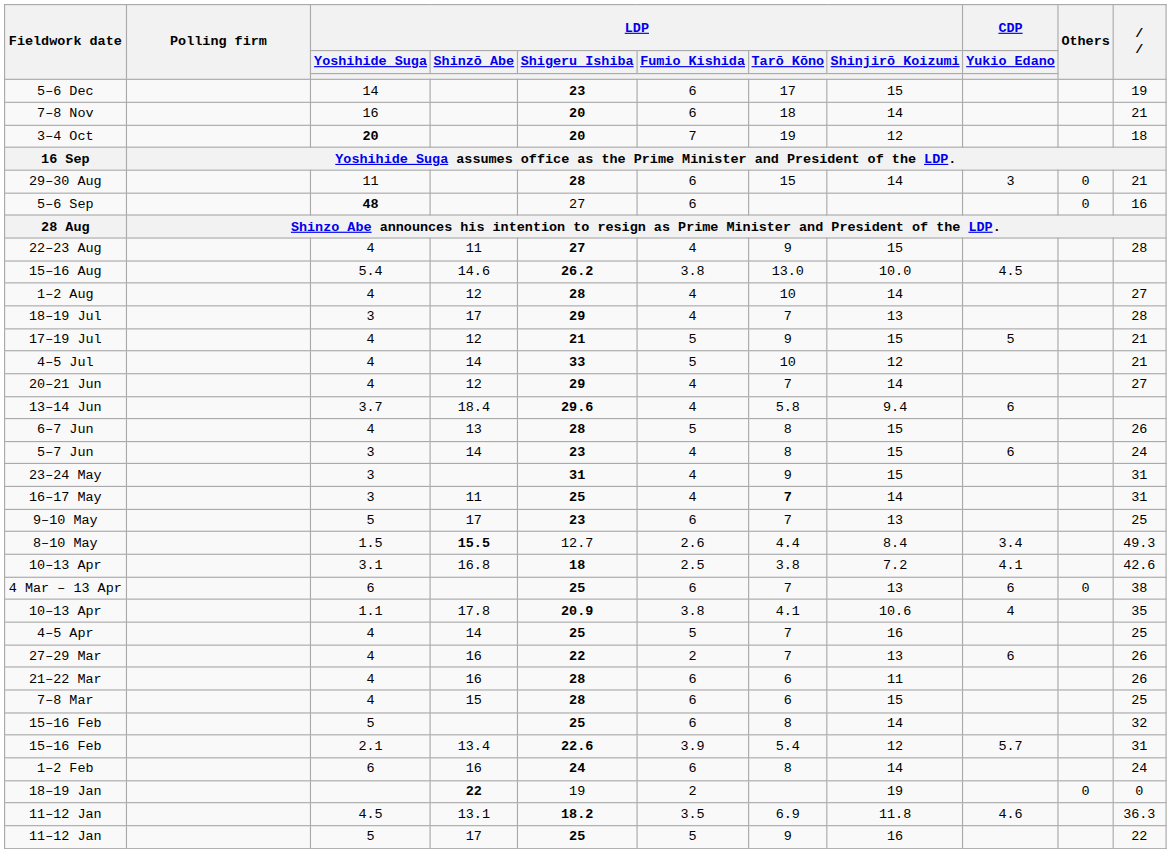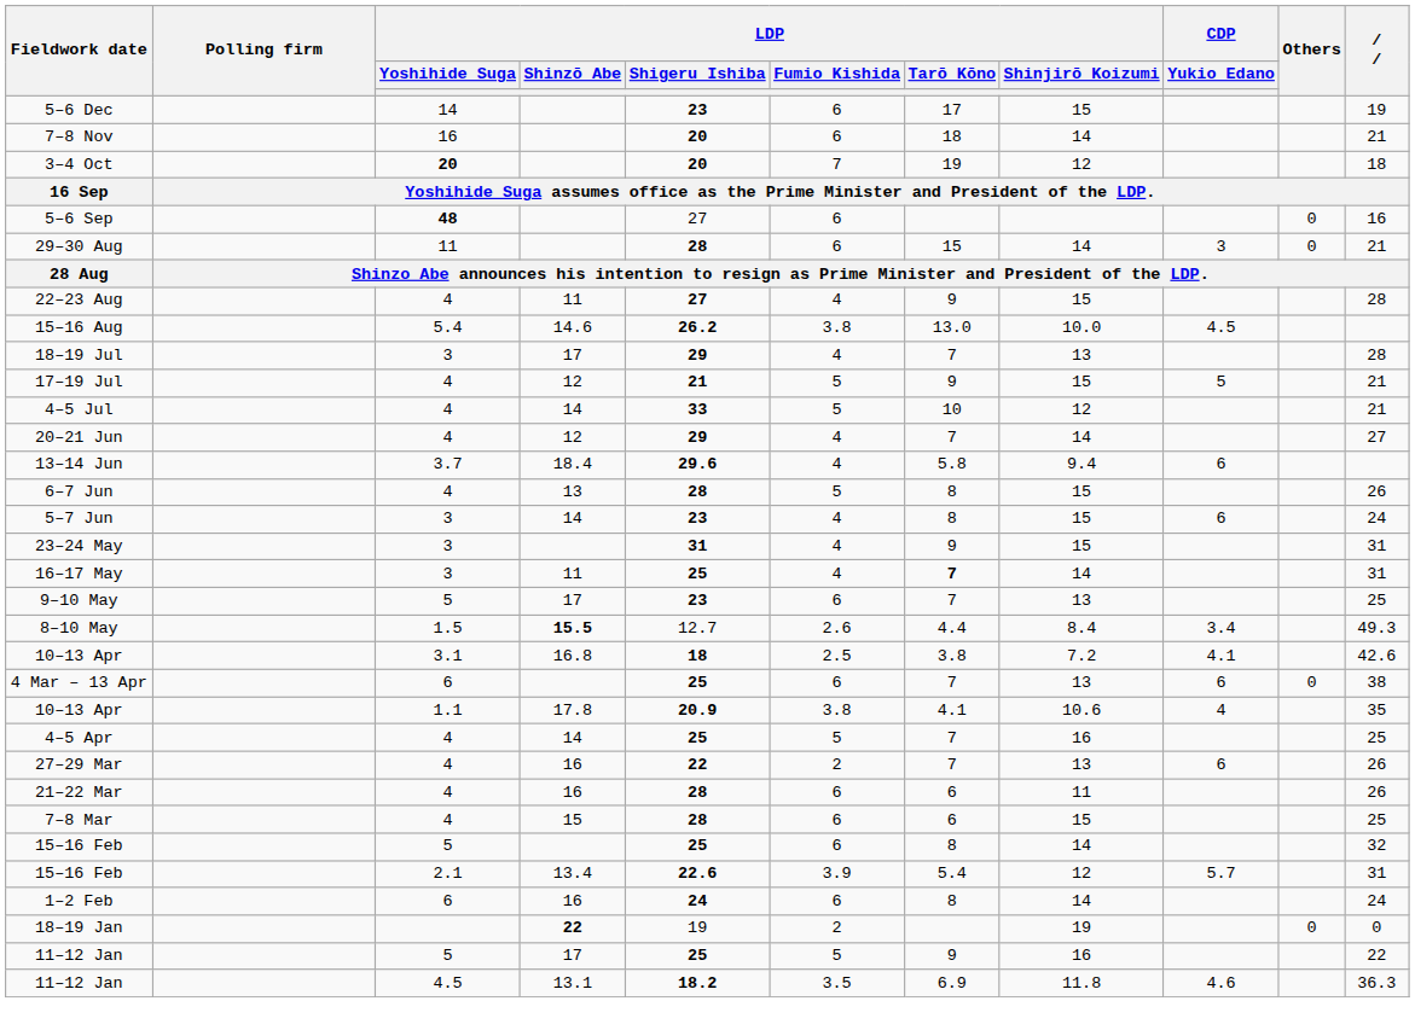 <table class="wikitable mw-datatable sortable mw-collapsible mw-collapsed" style="text-align:center;font-size:90%;line-height:14px;">
 <tr style="height:40px;">
 <th class="unsortable" rowspan="3" width=100px>Fieldwork date</th>
 <th class="unsortable" rowspan="3" width=155px>Polling firm</th>
 <th colspan="6" class="unsortable"><a href='#'>LDP</a></th>
 <th class="unsortable"><a href='#'>CDP</a></th>
 <th rowspan="3" class="unsortable" width="40px">Others </th>
 <th rowspan="3" class="unsortable" width="40px">/<br>/</th>
 </tr>
 <tr>
 <th class="unsortable" "style=width:40px;"><a href='#'>Yoshihide Suga</a></th>
 <th class="unsortable" "style=width:40px;"><a href='#'>Shinzō Abe</a></th>
 <th class="unsortable" "style=width:40px;"><a href='#'>Shigeru Ishiba</a></th>
 <th class="unsortable" "style=width:40px;"><a href='#'>Fumio Kishida</a></th>
 <th class="unsortable" "style=width:40px;"><a href='#'>Tarō Kōno</a></th>
 <th class="unsortable" "style=width:40px;"><a href='#'>Shinjirō Koizumi</a></th>
 <th class="unsortable" "style=width:40px;"><a href='#'>Yukio Edano</a></th>
 </tr>
 <tr>
 <th colspan="6" style="background: "></th>
 <th style="background: "></th>
 </tr>
 <tr>
 <td data-sort-value="2020-12-06">5–6 Dec</td>
 <td></td>
 <td>14</td>
 <td></td>
 <td><strong>23</strong></td>
 <td>6</td>
 <td>17</td>
 <td>15</td>
 <td></td>
 <td></td>
 <td>19</td>
 </tr>
 <tr>
 <td data-sort-value="2020-11-08">7–8 Nov</td>
 <td></td>
 <td>16</td>
 <td></td>
 <td><strong>20</strong></td>
 <td>6</td>
 <td>18</td>
 <td>14</td>
 <td></td>
 <td></td>
 <td>21</td>
 </tr>
 <tr>
 <td data-sort-value="2020-10-04">3–4 Oct</td>
 <td></td>
 <td><strong>20</strong></td>
 <td></td>
 <td><strong>20</strong></td>
 <td>7</td>
 <td>19</td>
 <td>12</td>
 <td></td>
 <td></td>
 <td>18</td>
 </tr>
 <tr>
 <th>16 Sep</th>
 <th colspan="10"><a href='#'>Yoshihide Suga</a> assumes office as the Prime Minister and President of the <a href='#'>LDP</a>.</th>
 </tr>
 <tr>
+<td data-sort-value="2020-09-06">5–6 Sep</td>
+<td></td>
+<td><strong>48</strong></td>
+<td></td>
+<td>27</td>
+<td>6</td>
+<td></td>
+<td></td>
+<td></td>
+<td>0</td>
+<td>16</td>
+</tr>
+<tr>
 <td data-sort-value="2020-08-30">29–30 Aug</td>
 <td></td>
 <td>11</td>
 <td></td>
 <td><strong>28</strong></td>
 <td>6</td>
 <td>15</td>
 <td>14</td>
 <td>3</td>
 <td>0</td>
 <td>21</td>
-</tr>
-<tr>
-<td data-sort-value="2020-09-06">5–6 Sep</td>
-<td></td>
-<td><strong>48</strong></td>
-<td></td>
-<td>27</td>
-<td>6</td>
-<td></td>
-<td></td>
-<td></td>
-<td>0</td>
-<td>16</td>
 </tr>
 <tr>
 <th>28 Aug</th>
 <th colspan="10"><a href='#'>Shinzo Abe</a> announces his intention to resign as Prime Minister and President of the <a href='#'>LDP</a>.</th>
 </tr>
 <tr>
 <td data-sort-value="2020-08-23">22–23 Aug</td>
 <td></td>
 <td>4</td>
 <td>11</td>
 <td><strong>27</strong></td>
 <td>4</td>
 <td>9</td>
 <td>15</td>
 <td></td>
 <td></td>
 <td>28</td>
 </tr>
 <tr>
 <td>15–16 Aug</td>
 <td></td>
 <td>5.4</td>
 <td>14.6</td>
 <td><strong>26.2</strong></td>
 <td>3.8</td>
 <td>13.0</td>
 <td>10.0</td>
 <td>4.5</td>
 <td></td>
 <td></td>
-</tr>
-<tr>
-<td data-sort-value="2020-08-02">1–2 Aug</td>
-<td></td>
-<td>4</td>
-<td>12</td>
-<td><strong>28</strong></td>
-<td>4</td>
-<td>10</td>
-<td>14</td>
-<td></td>
-<td></td>
-<td>27</td>
 </tr>
 <tr>
 <td data-sort-value="2020-07-19">18–19 Jul</td>
 <td></td>
 <td>3</td>
 <td>17</td>
 <td><strong>29</strong></td>
 <td>4</td>
 <td>7</td>
 <td>13</td>
 <td></td>
 <td></td>
 <td>28</td>
 </tr>
 <tr>
 <td data-sort-value="2020-07-19">17–19 Jul</td>
 <td></td>
 <td>4</td>
 <td>12</td>
 <td><strong>21</strong></td>
 <td>5</td>
 <td>9</td>
 <td>15</td>
 <td>5</td>
 <td></td>
 <td>21</td>
 </tr>
 <tr>
 <td data-sort-value="2020-07-05">4–5 Jul</td>
 <td></td>
 <td>4</td>
 <td>14</td>
 <td><strong>33</strong></td>
 <td>5</td>
 <td>10</td>
 <td>12</td>
 <td></td>
 <td></td>
 <td>21</td>
 </tr>
 <tr>
 <td data-sort-value="2020-06-21">20–21 Jun</td>
 <td></td>
 <td>4</td>
 <td>12</td>
 <td><strong>29</strong></td>
 <td>4</td>
 <td>7</td>
 <td>14</td>
 <td></td>
 <td></td>
 <td>27</td>
 </tr>
 <tr>
 <td data-sort-value="2020-06-14">13–14 Jun</td>
 <td></td>
 <td>3.7</td>
 <td>18.4</td>
 <td><strong>29.6</strong></td>
 <td>4</td>
 <td>5.8</td>
 <td>9.4</td>
 <td>6</td>
 <td></td>
 <td></td>
 </tr>
 <tr>
 <td data-sort-value="2020-06-07">6–7 Jun</td>
 <td></td>
 <td>4</td>
 <td>13</td>
 <td><strong>28</strong></td>
 <td>5</td>
 <td>8</td>
 <td>15</td>
 <td></td>
 <td></td>
 <td>26</td>
 </tr>
 <tr>
 <td data-sort-value="2020-06-07">5–7 Jun</td>
 <td></td>
 <td>3</td>
 <td>14</td>
 <td><strong>23</strong></td>
 <td>4</td>
 <td>8</td>
 <td>15</td>
 <td>6</td>
 <td></td>
 <td>24</td>
 </tr>
 <tr>
 <td data-sort-value="2020-05-24">23–24 May</td>
 <td></td>
 <td>3</td>
 <td></td>
 <td><strong>31</strong></td>
 <td>4</td>
 <td>9</td>
 <td>15</td>
 <td></td>
 <td></td>
 <td>31</td>
 </tr>
 <tr>
 <td data-sort-value="2020-05-17">16–17 May</td>
 <td></td>
 <td>3</td>
 <td>11</td>
 <td><strong>25</strong></td>
 <td>4</td>
 <td><strong>7</strong></td>
 <td>14</td>
 <td></td>
 <td></td>
 <td>31</td>
 </tr>
 <tr>
 <td data-sort-value="2020-05-10">9–10 May</td>
 <td></td>
 <td>5</td>
 <td>17</td>
 <td><strong>23</strong></td>
 <td>6</td>
 <td>7</td>
 <td>13</td>
 <td></td>
 <td></td>
 <td>25</td>
 </tr>
 <tr>
 <td data-sort-value="2020-05-10">8–10 May</td>
 <td></td>
 <td>1.5</td>
 <td><strong>15.5</strong></td>
 <td>12.7</td>
 <td>2.6</td>
 <td>4.4</td>
 <td>8.4</td>
 <td>3.4</td>
 <td></td>
 <td>49.3</td>
 </tr>
 <tr>
 <td data-sort-value="2020-04-13">10–13 Apr</td>
 <td></td>
 <td>3.1</td>
 <td>16.8</td>
 <td><strong>18</strong></td>
 <td>2.5</td>
 <td>3.8</td>
 <td>7.2</td>
 <td>4.1</td>
 <td></td>
 <td>42.6</td>
 </tr>
 <tr>
 <td data-sort-value="2020-04-13">4 Mar – 13 Apr</td>
 <td></td>
 <td>6</td>
 <td></td>
 <td><strong>25</strong></td>
 <td>6</td>
 <td>7</td>
 <td>13</td>
 <td>6</td>
 <td>0</td>
 <td>38</td>
 </tr>
 <tr>
 <td data-sort-value="2020-04-13">10–13 Apr</td>
 <td></td>
 <td>1.1</td>
 <td>17.8</td>
 <td><strong>20.9</strong></td>
 <td>3.8</td>
 <td>4.1</td>
 <td>10.6</td>
 <td>4</td>
 <td></td>
 <td>35</td>
 </tr>
 <tr>
 <td data-sort-value="2020-04-05">4–5 Apr</td>
 <td></td>
 <td>4</td>
 <td>14</td>
 <td><strong>25</strong></td>
 <td>5</td>
 <td>7</td>
 <td>16</td>
 <td></td>
 <td></td>
 <td>25</td>
 </tr>
 <tr>
 <td data-sort-value="2020-03-29">27–29 Mar</td>
 <td></td>
 <td>4</td>
 <td>16</td>
 <td><strong>22</strong></td>
 <td>2</td>
 <td>7</td>
 <td>13</td>
 <td>6</td>
 <td></td>
 <td>26</td>
 </tr>
 <tr>
 <td data-sort-value="2020-03-22">21–22 Mar</td>
 <td></td>
 <td>4</td>
 <td>16</td>
 <td><strong>28</strong></td>
 <td>6</td>
 <td>6</td>
 <td>11</td>
 <td></td>
 <td></td>
 <td>26</td>
 </tr>
 <tr>
 <td data-sort-value="2020-03-08">7–8 Mar</td>
 <td></td>
 <td>4</td>
 <td>15</td>
 <td><strong>28</strong></td>
 <td>6</td>
 <td>6</td>
 <td>15</td>
 <td></td>
 <td></td>
 <td>25</td>
 </tr>
 <tr>
 <td data-sort-value="2020-02-16">15–16 Feb</td>
 <td></td>
 <td>5</td>
 <td></td>
 <td><strong>25</strong></td>
 <td>6</td>
 <td>8</td>
 <td>14</td>
 <td></td>
 <td></td>
 <td>32</td>
 </tr>
 <tr>
 <td data-sort-value="2020-02-16">15–16 Feb</td>
 <td></td>
 <td>2.1</td>
 <td>13.4</td>
 <td><strong>22.6</strong></td>
 <td>3.9</td>
 <td>5.4</td>
 <td>12</td>
 <td>5.7</td>
 <td></td>
 <td>31</td>
 </tr>
 <tr>
 <td data-sort-value="2020-02-02">1–2 Feb</td>
 <td></td>
 <td>6</td>
 <td>16</td>
 <td><strong>24</strong></td>
 <td>6</td>
 <td>8</td>
 <td>14</td>
 <td></td>
 <td></td>
 <td>24</td>
 </tr>
 <tr>
 <td data-sort-value="2020-01-19">18–19 Jan</td>
 <td></td>
 <td></td>
 <td><strong>22</strong></td>
 <td>19</td>
 <td>2</td>
 <td></td>
 <td>19</td>
 <td></td>
 <td>0</td>
 <td>0</td>
 </tr>
 <tr>
 <td data-sort-value="2020-01-12">11–12 Jan</td>
 <td></td>
+<td>5</td>
+<td>17</td>
+<td><strong>25</strong></td>
+<td>5</td>
+<td>9</td>
+<td>16</td>
+<td></td>
+<td></td>
+<td>22</td>
+</tr>
+<tr>
+<td data-sort-value="2020-01-12">11–12 Jan</td>
+<td></td>
 <td>4.5</td>
 <td>13.1</td>
 <td><strong>18.2</strong></td>
 <td>3.5</td>
 <td>6.9</td>
 <td>11.8</td>
 <td>4.6</td>
 <td></td>
 <td>36.3</td>
 </tr>
-<tr>
-<td data-sort-value="2020-01-12">11–12 Jan</td>
-<td></td>
-<td>5</td>
-<td>17</td>
-<td><strong>25</strong></td>
-<td>5</td>
-<td>9</td>
-<td>16</td>
-<td></td>
-<td></td>
-<td>22</td>
-</tr>
 </table>
